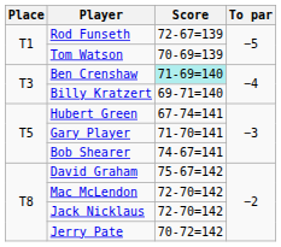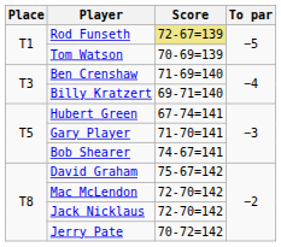 <table class="wikitable">
 <tr>
 <th>Place</th>
 <th>Player</th>
 <th>Score</th>
 <th>To par</th>
 </tr>
 <tr>
 <td rowspan=2 align="center">T1</td>
 <td> <a href='#'>Rod Funseth</a></td>
-<td>72-67=139</td>
+<td style="background: khaki;">72-67=139</td>
 <td rowspan=2 align="center">−5</td>
 </tr>
 <tr>
 <td> <a href='#'>Tom Watson</a></td>
 <td>70-69=139</td>
 </tr>
 <tr>
 <td rowspan=2 align="center">T3</td>
 <td> <a href='#'>Ben Crenshaw</a></td>
-<td style="background: paleturquoise;">71-69=140</td>
+<td>71-69=140</td>
 <td rowspan=2 align="center">−4</td>
 </tr>
 <tr>
 <td> <a href='#'>Billy Kratzert</a></td>
 <td>69-71=140</td>
 </tr>
 <tr>
 <td rowspan=3 align="center">T5</td>
 <td> <a href='#'>Hubert Green</a></td>
 <td>67-74=141</td>
 <td rowspan=3 align="center">−3</td>
 </tr>
 <tr>
 <td> <a href='#'>Gary Player</a></td>
 <td>71-70=141</td>
 </tr>
 <tr>
 <td> <a href='#'>Bob Shearer</a></td>
 <td>74-67=141</td>
 </tr>
 <tr>
 <td rowspan=4 align="center">T8</td>
 <td> <a href='#'>David Graham</a></td>
 <td>75-67=142</td>
 <td rowspan=4 align="center">−2</td>
 </tr>
 <tr>
 <td> <a href='#'>Mac McLendon</a></td>
 <td>72-70=142</td>
 </tr>
 <tr>
 <td> <a href='#'>Jack Nicklaus</a></td>
 <td>72-70=142</td>
 </tr>
 <tr>
 <td> <a href='#'>Jerry Pate</a></td>
 <td>70-72=142</td>
 </tr>
 </table>
